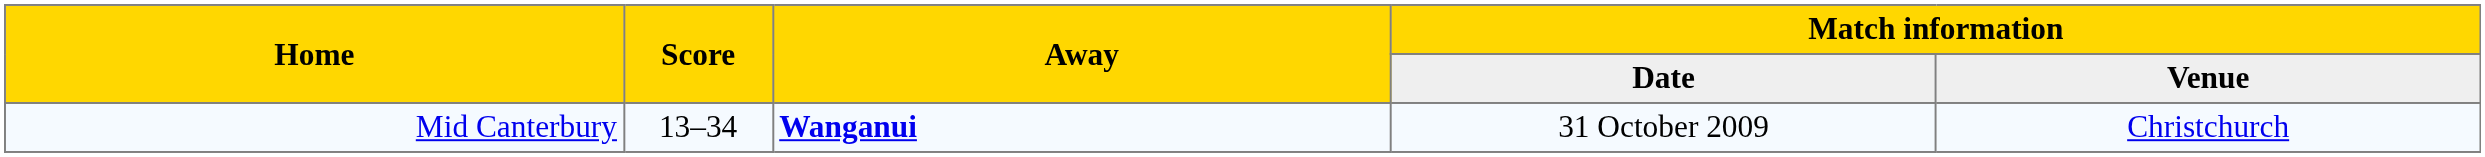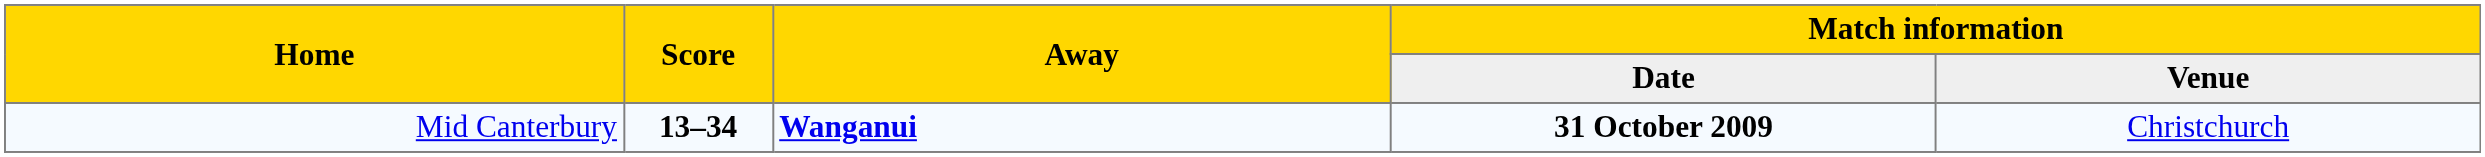 <table border=1 style="border-collapse:collapse;text-align:center" cellpadding=3 cellspacing=0 width=100%>
 <tr bgcolor=#FFD700>
 <th rowspan=2 width=25%>Home</th>
 <th rowspan=2 width=6%>Score</th>
 <th rowspan=2 width=25%>Away</th>
 <th colspan=6>Match information</th>
 </tr>
 <tr bgcolor=#EFEFEF>
 <th width=22%>Date</th>
 <th width=22%>Venue</th>
 </tr>
 <tr bgcolor=#F5FAFF>
 <td align=right><a href='#'>Mid Canterbury</a></td>
-<td>13–34</td>
+<td><strong>13–34</strong></td>
 <td align=left><strong><a href='#'>Wanganui</a></strong></td>
-<td>31 October 2009</td>
+<td><strong>31 October 2009</strong></td>
 <td><a href='#'>Christchurch</a></td>
 </tr>
 </table>
